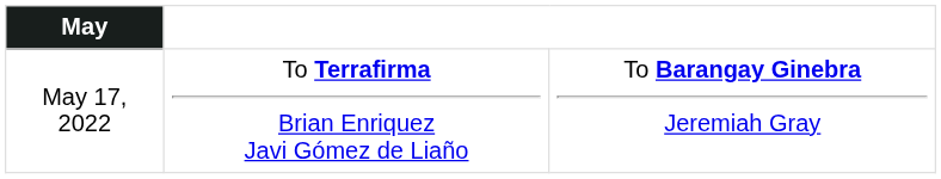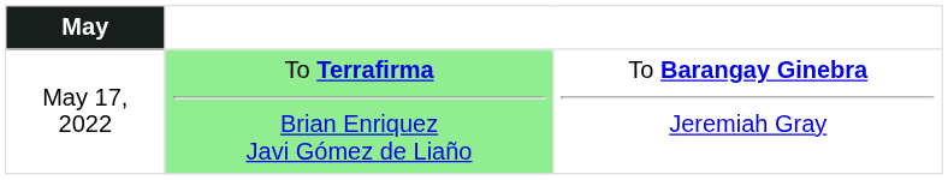 <table border=1 style="border-collapse:collapse; text-align: center; width: 100%" bordercolor="#DFDFDF"  cellpadding="5">
 <tr bgcolor="eeeeee">
 <th style="background:#181E1C; color:#FFFFFF; ">May</th>
 </tr>
 <tr>
 <td style="width:12%">May 17, 2022</td>
-<td style="width:29.3%" valign="top">To <strong><a href='#'>Terrafirma</a></strong><hr><a href='#'>Brian Enriquez</a><br><a href='#'>Javi Gómez de Liaño</a></td>
+<td style="background: lightgreen; width:29.3%" valign="top">To <strong><a href='#'>Terrafirma</a></strong><hr><a href='#'>Brian Enriquez</a><br><a href='#'>Javi Gómez de Liaño</a></td>
 <td style="width:29.3%" valign="top">To <strong><a href='#'>Barangay Ginebra</a></strong><hr><a href='#'>Jeremiah Gray</a></td>
 </tr>
 </table>
